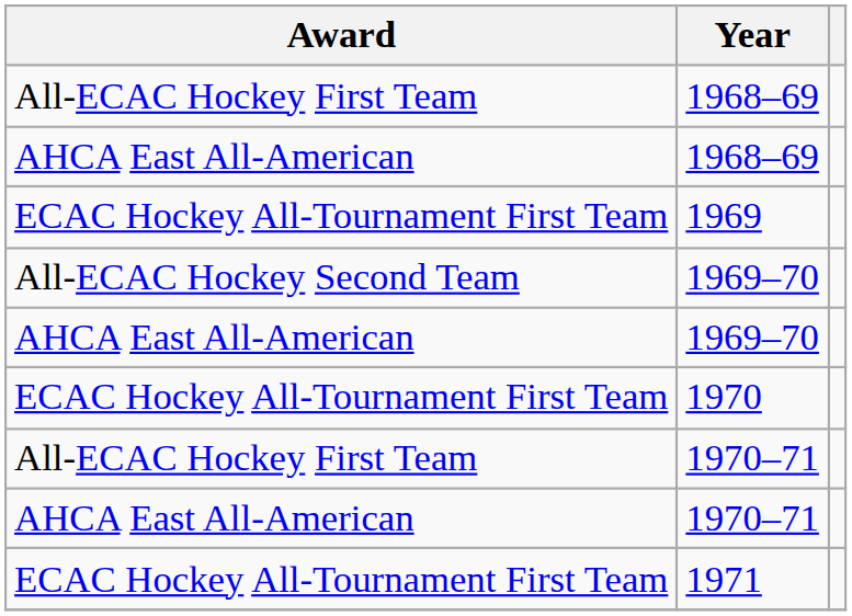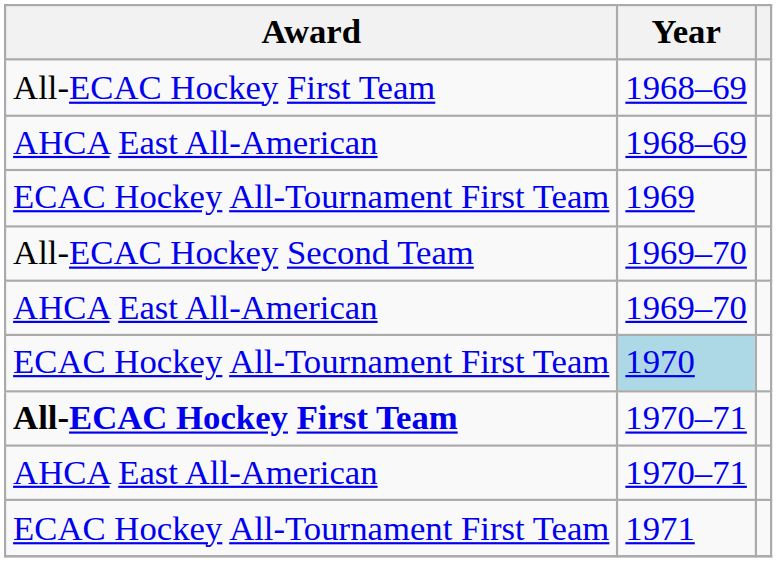 <table class="wikitable">
 <tr>
 <th>Award</th>
 <th>Year</th>
 <th></th>
 </tr>
 <tr>
 <td>All-<a href='#'>ECAC Hockey</a> <a href='#'>First Team</a></td>
 <td><a href='#'>1968–69</a></td>
 <td></td>
 </tr>
 <tr>
 <td><a href='#'>AHCA</a> <a href='#'>East All-American</a></td>
 <td><a href='#'>1968–69</a></td>
 <td></td>
 </tr>
 <tr>
 <td><a href='#'>ECAC Hockey</a> <a href='#'>All-Tournament First Team</a></td>
 <td><a href='#'>1969</a></td>
 <td></td>
 </tr>
 <tr>
 <td>All-<a href='#'>ECAC Hockey</a> <a href='#'>Second Team</a></td>
 <td><a href='#'>1969–70</a></td>
 <td></td>
 </tr>
 <tr>
 <td><a href='#'>AHCA</a> <a href='#'>East All-American</a></td>
 <td><a href='#'>1969–70</a></td>
 <td></td>
 </tr>
 <tr>
 <td><a href='#'>ECAC Hockey</a> <a href='#'>All-Tournament First Team</a></td>
-<td><a href='#'>1970</a></td>
+<td style="background: lightblue;"><a href='#'>1970</a></td>
 <td></td>
 </tr>
 <tr>
-<td>All-<a href='#'>ECAC Hockey</a> <a href='#'>First Team</a></td>
+<td><strong>All-<a href='#'>ECAC Hockey</a> <a href='#'>First Team</a></strong></td>
 <td><a href='#'>1970–71</a></td>
 <td></td>
 </tr>
 <tr>
 <td><a href='#'>AHCA</a> <a href='#'>East All-American</a></td>
 <td><a href='#'>1970–71</a></td>
 <td></td>
 </tr>
 <tr>
 <td><a href='#'>ECAC Hockey</a> <a href='#'>All-Tournament First Team</a></td>
 <td><a href='#'>1971</a></td>
 <td></td>
 </tr>
 <tr>
 </tr>
 </table>
